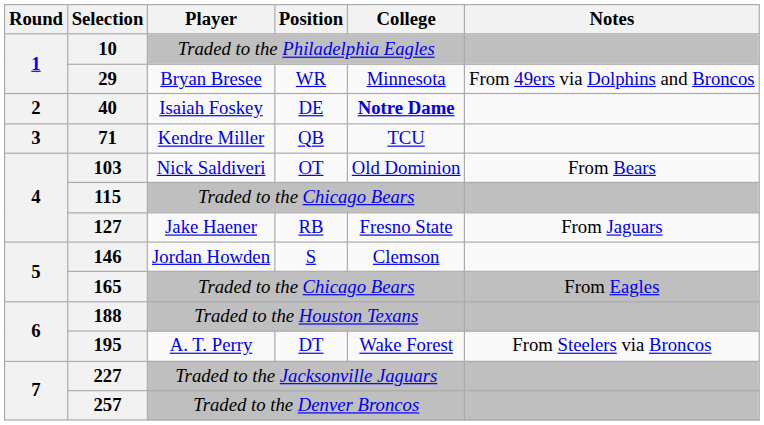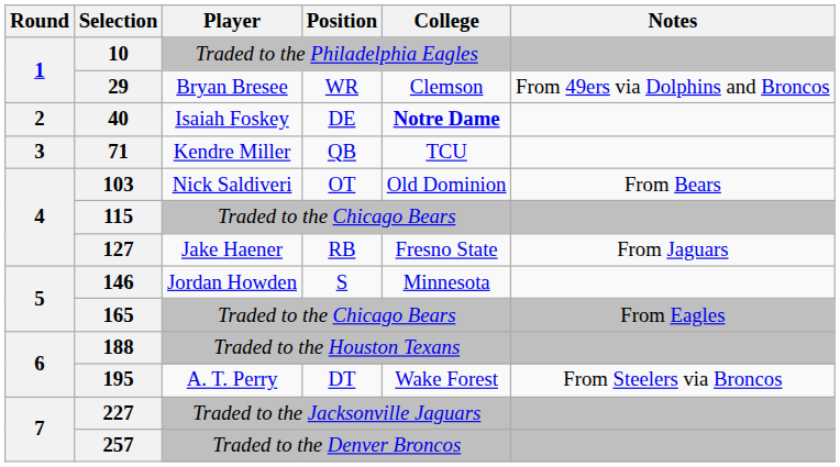 <table class="wikitable" style="text-align:center">
 <tr>
 <th>Round</th>
 <th>Selection</th>
 <th>Player</th>
 <th>Position</th>
 <th>College</th>
 <th>Notes</th>
 </tr>
 <tr>
 <th rowspan="2"><a href='#'>1</a></th>
 <th>10</th>
 <td colspan="3" style="background:#BFBFBF"><em>Traded to the <a href='#'>Philadelphia Eagles</a></em></td>
 <td style="background:#BFBFBF"></td>
 </tr>
 <tr>
 <th>29</th>
 <td><a href='#'>Bryan Bresee</a></td>
 <td><a href='#'>WR</a></td>
-<td><a href='#'>Minnesota</a></td>
+<td><a href='#'>Clemson</a></td>
 <td>From <a href='#'>49ers</a> via <a href='#'>Dolphins</a> and <a href='#'>Broncos</a></td>
 </tr>
 <tr>
 <th>2</th>
 <th>40</th>
 <td><a href='#'>Isaiah Foskey</a></td>
 <td><a href='#'>DE</a></td>
 <td><strong><a href='#'>Notre Dame</a></strong></td>
 <td></td>
 </tr>
 <tr>
 <th>3</th>
 <th>71</th>
 <td><a href='#'>Kendre Miller</a></td>
 <td><a href='#'>QB</a></td>
 <td><a href='#'>TCU</a></td>
 <td></td>
 </tr>
 <tr>
 <th rowspan="3">4</th>
 <th>103</th>
 <td><a href='#'>Nick Saldiveri</a></td>
 <td><a href='#'>OT</a></td>
 <td><a href='#'>Old Dominion</a></td>
 <td>From <a href='#'>Bears</a></td>
 </tr>
 <tr>
 <th>115</th>
 <td colspan="3" style="background:#BFBFBF"><em>Traded to the <a href='#'>Chicago Bears</a></em></td>
 <td style="background:#BFBFBF"></td>
 </tr>
 <tr>
 <th>127</th>
 <td><a href='#'>Jake Haener</a></td>
 <td><a href='#'>RB</a></td>
 <td><a href='#'>Fresno State</a></td>
 <td>From <a href='#'>Jaguars</a></td>
 </tr>
 <tr>
 <th rowspan="2">5</th>
 <th>146</th>
 <td><a href='#'>Jordan Howden</a></td>
 <td><a href='#'>S</a></td>
-<td><a href='#'>Clemson</a></td>
+<td><a href='#'>Minnesota</a></td>
 <td></td>
 </tr>
 <tr>
 <th>165</th>
 <td colspan="3" style="background:#BFBFBF"><em>Traded to the <a href='#'>Chicago Bears</a></em></td>
 <td style="background:#BFBFBF">From <a href='#'>Eagles</a></td>
 </tr>
 <tr>
 <th rowspan="2">6</th>
 <th>188</th>
 <td colspan="3" style="background:#BFBFBF"><em>Traded to the <a href='#'>Houston Texans</a></em></td>
 <td style="background:#BFBFBF"></td>
 </tr>
 <tr>
 <th>195</th>
 <td><a href='#'>A. T. Perry</a></td>
 <td><a href='#'>DT</a></td>
 <td><a href='#'>Wake Forest</a></td>
 <td>From <a href='#'>Steelers</a> via <a href='#'>Broncos</a></td>
 </tr>
 <tr>
 <th rowspan="2">7</th>
 <th>227</th>
 <td colspan="3" style="background:#BFBFBF"><em>Traded to the <a href='#'>Jacksonville Jaguars</a></em></td>
 <td style="background:#BFBFBF"></td>
 </tr>
 <tr>
 <th>257</th>
 <td colspan="3" style="background:#BFBFBF"><em>Traded to the <a href='#'>Denver Broncos</a></em></td>
 <td style="background:#BFBFBF"></td>
 </tr>
 </table>
